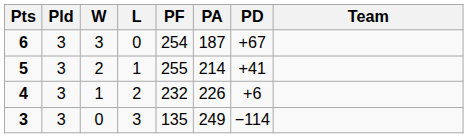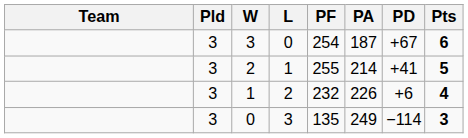 <table class=wikitable style="text-align:center">
 <tr>
-<th width=30>Pts</th>
+<th width=180>Team</th>
 <th width=30>Pld</th>
 <th width=30>W</th>
 <th width=30>L</th>
 <th width=30>PF</th>
 <th width=30>PA</th>
 <th width=30>PD</th>
-<th width=180>Team</th>
+<th width=30>Pts</th>
 </tr>
 <tr align=center>
-<td><strong>6</strong></td>
+<td align=left></td>
 <td>3</td>
 <td>3</td>
 <td>0</td>
 <td>254</td>
 <td>187</td>
 <td>+67</td>
-<td align=left></td>
+<td><strong>6</strong></td>
 </tr>
 <tr align=center>
-<td><strong>5</strong></td>
+<td align=left></td>
 <td>3</td>
 <td>2</td>
 <td>1</td>
 <td>255</td>
 <td>214</td>
 <td>+41</td>
-<td align=left></td>
+<td><strong>5</strong></td>
 </tr>
 <tr align=center>
-<td><strong>4</strong></td>
+<td align=left></td>
 <td>3</td>
 <td>1</td>
 <td>2</td>
 <td>232</td>
 <td>226</td>
 <td>+6</td>
-<td align=left></td>
+<td><strong>4</strong></td>
 </tr>
 <tr align=center>
-<td><strong>3</strong></td>
+<td align=left></td>
 <td>3</td>
 <td>0</td>
 <td>3</td>
 <td>135</td>
 <td>249</td>
 <td>−114</td>
-<td align=left></td>
+<td><strong>3</strong></td>
 </tr>
 </table>
